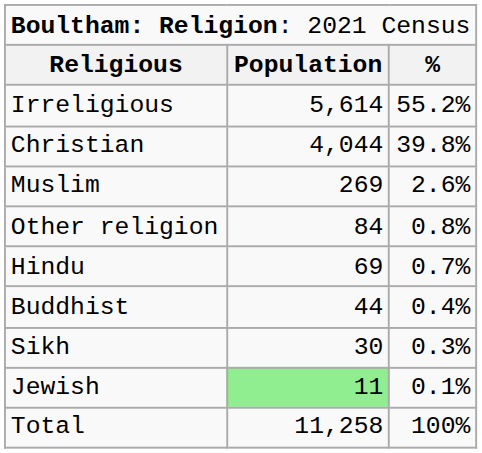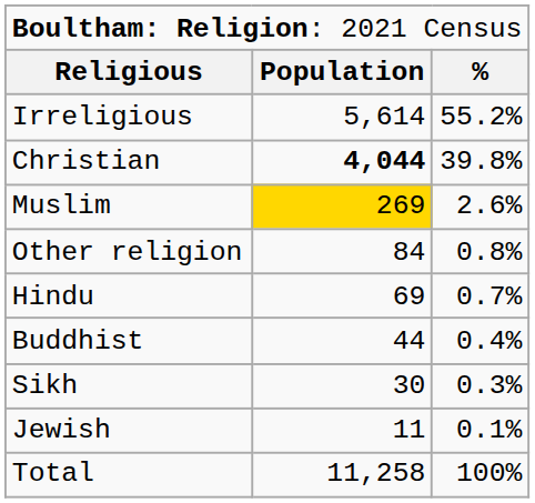 <table class="wikitable">
 <tr>
 <td colspan="14" style="text-align:right;"><strong>Boultham: Religion</strong>: 2021 Census</td>
 </tr>
 <tr>
 <th>Religious</th>
 <th>Population</th>
 <th>%</th>
 </tr>
 <tr>
 <td>Irreligious</td>
 <td style="text-align:right;">5,614</td>
 <td style="text-align:right;">55.2%</td>
 </tr>
 <tr>
 <td>Christian</td>
-<td style="text-align:right;">4,044</td>
+<td style="text-align:right;"><strong>4,044</strong></td>
 <td style="text-align:right;">39.8%</td>
 </tr>
 <tr>
 <td>Muslim</td>
-<td style="text-align:right;">269</td>
+<td style="background: gold; text-align:right;">269</td>
 <td style="text-align:right;">2.6%</td>
 </tr>
 <tr>
 <td>Other religion</td>
 <td style="text-align:right;">84</td>
 <td style="text-align:right;">0.8%</td>
 </tr>
 <tr>
 <td>Hindu</td>
 <td style="text-align:right;">69</td>
 <td style="text-align:right;">0.7%</td>
 </tr>
 <tr>
 <td>Buddhist</td>
 <td style="text-align:right;">44</td>
 <td style="text-align:right;">0.4%</td>
 </tr>
 <tr>
 <td>Sikh</td>
 <td style="text-align:right;">30</td>
 <td style="text-align:right;">0.3%</td>
 </tr>
 <tr>
 <td>Jewish</td>
-<td style="background: lightgreen; text-align:right;">11</td>
+<td style="text-align:right;">11</td>
 <td style="text-align:right;">0.1%</td>
 </tr>
 <tr>
 <td>Total</td>
 <td style="text-align:right;">11,258</td>
 <td style="text-align:right;">100%</td>
 </tr>
 </table>
